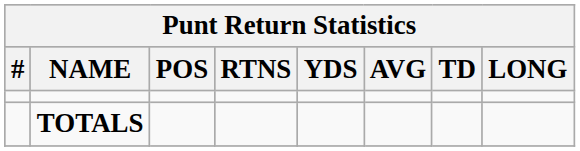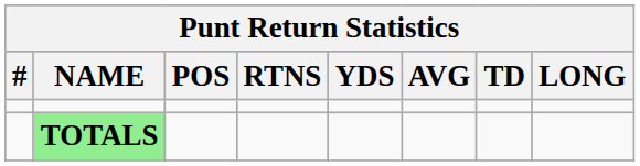 <table class="wikitable sortable collapsible collapsed">
 <tr>
 <th colspan="8">Punt Return Statistics</th>
 </tr>
 <tr>
 <th>#</th>
 <th>NAME</th>
 <th>POS</th>
 <th>RTNS</th>
 <th>YDS</th>
 <th>AVG</th>
 <th>TD</th>
 <th>LONG</th>
 </tr>
 <tr>
 <td></td>
 <td></td>
 <td></td>
 <td></td>
 <td></td>
 <td></td>
 <td></td>
 <td></td>
 </tr>
 <tr>
 <td></td>
-<td><strong>TOTALS</strong></td>
+<td style="background: lightgreen;"><strong>TOTALS</strong></td>
 <td></td>
 <td></td>
 <td></td>
 <td></td>
 <td></td>
 <td></td>
 </tr>
 </table>
